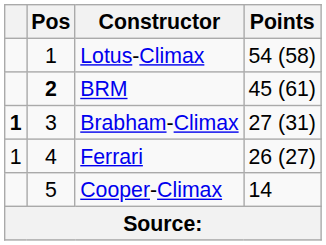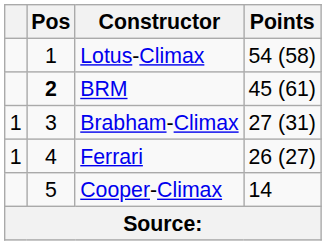 <table class="wikitable" style="font-size: 95%;">
 <tr>
 <th></th>
 <th>Pos</th>
 <th>Constructor</th>
 <th>Points</th>
 </tr>
 <tr>
 <td align="left"></td>
 <td align="center">1</td>
 <td> <a href='#'>Lotus</a>-<a href='#'>Climax</a></td>
 <td align="left">54 (58)</td>
 </tr>
 <tr>
 <td align="left"></td>
 <td align="center"><strong>2</strong></td>
 <td> <a href='#'>BRM</a></td>
 <td align="left">45 (61)</td>
 </tr>
 <tr>
-<td align="left"><strong> 1</strong></td>
+<td align="left"> 1</td>
 <td align="center">3</td>
 <td> <a href='#'>Brabham</a>-<a href='#'>Climax</a></td>
 <td align="left">27 (31)</td>
 </tr>
 <tr>
 <td align="left"> 1</td>
 <td align="center">4</td>
 <td> <a href='#'>Ferrari</a></td>
 <td align="left">26 (27)</td>
 </tr>
 <tr>
 <td align="left"></td>
 <td align="center">5</td>
 <td> <a href='#'>Cooper</a>-<a href='#'>Climax</a></td>
 <td align="left">14</td>
 </tr>
 <tr>
 <th colspan=4>Source: </th>
 </tr>
 </table>
